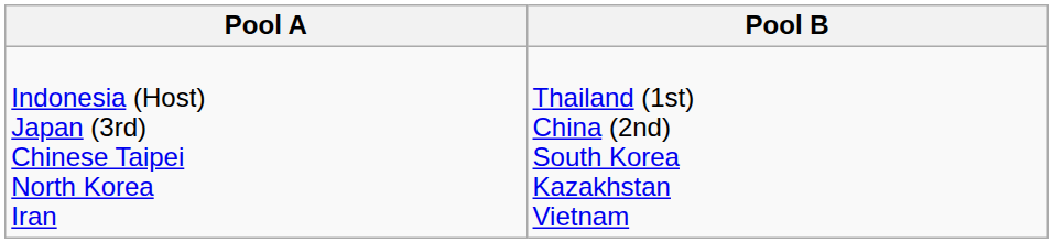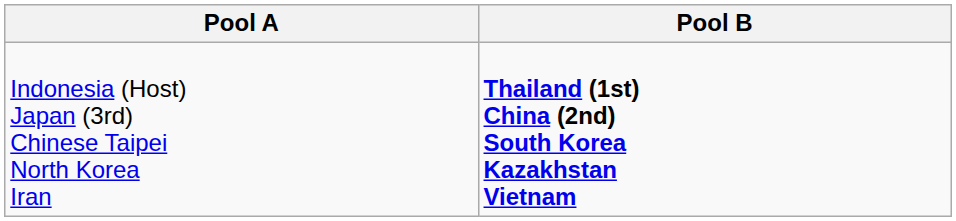 <table class="wikitable" width=50%>
 <tr>
 <th width=50%>Pool A</th>
 <th width=50%>Pool B</th>
 </tr>
 <tr>
 <td><br> <a href='#'>Indonesia</a> (Host)<br>  <a href='#'>Japan</a> (3rd)<br>  <a href='#'>Chinese Taipei</a><br>  <a href='#'>North Korea</a><br>  <a href='#'>Iran</a></td>
-<td><br> <a href='#'>Thailand</a> (1st)<br>  <a href='#'>China</a> (2nd)<br>  <a href='#'>South Korea</a><br>  <a href='#'>Kazakhstan</a><br>  <a href='#'>Vietnam</a></td>
+<td><strong><br> <a href='#'>Thailand</a> (1st)<br>  <a href='#'>China</a> (2nd)<br>  <a href='#'>South Korea</a><br>  <a href='#'>Kazakhstan</a><br>  <a href='#'>Vietnam</a></strong></td>
 </tr>
 </table>
